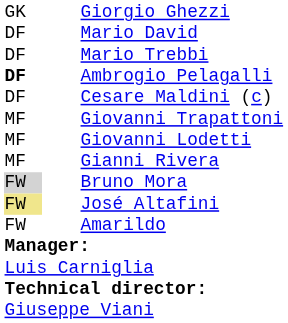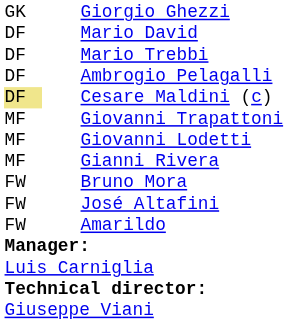 <table style="font-size:90%; margin:0.2em auto;" cellspacing="0" cellpadding="0">
 <tr>
 <th width="25"></th>
 <th width="25"></th>
 </tr>
 <tr>
 <td>GK</td>
 <td></td>
 <td> <a href='#'>Giorgio Ghezzi</a></td>
 </tr>
 <tr>
 <td>DF</td>
 <td></td>
 <td> <a href='#'>Mario David</a></td>
 </tr>
 <tr>
 <td>DF</td>
 <td></td>
 <td> <a href='#'>Mario Trebbi</a></td>
 </tr>
 <tr>
-<td><strong>DF</strong></td>
+<td>DF</td>
 <td></td>
 <td> <a href='#'>Ambrogio Pelagalli</a></td>
 </tr>
 <tr>
-<td>DF</td>
+<td style="background: khaki;">DF</td>
 <td></td>
 <td> <a href='#'>Cesare Maldini</a> (<a href='#'>c</a>)</td>
 </tr>
 <tr>
 <td>MF</td>
 <td></td>
 <td> <a href='#'>Giovanni Trapattoni</a></td>
 </tr>
 <tr>
 <td>MF</td>
 <td></td>
 <td> <a href='#'>Giovanni Lodetti</a></td>
 </tr>
 <tr>
 <td>MF</td>
 <td></td>
 <td> <a href='#'>Gianni Rivera</a></td>
 </tr>
 <tr>
-<td style="background: lightgrey;">FW</td>
+<td>FW</td>
 <td></td>
 <td> <a href='#'>Bruno Mora</a></td>
 </tr>
 <tr>
-<td style="background: khaki;">FW</td>
+<td>FW</td>
 <td></td>
 <td> <a href='#'>José Altafini</a></td>
 </tr>
 <tr>
 <td>FW</td>
 <td></td>
 <td> <a href='#'>Amarildo</a></td>
 </tr>
 <tr>
 <td colspan=3><strong>Manager:</strong></td>
 </tr>
 <tr>
 <td colspan=4> <a href='#'>Luis Carniglia</a></td>
 </tr>
 <tr>
 <td colspan=3><strong>Technical director:</strong></td>
 </tr>
 <tr>
 <td colspan=4> <a href='#'>Giuseppe Viani</a></td>
 </tr>
 </table>
